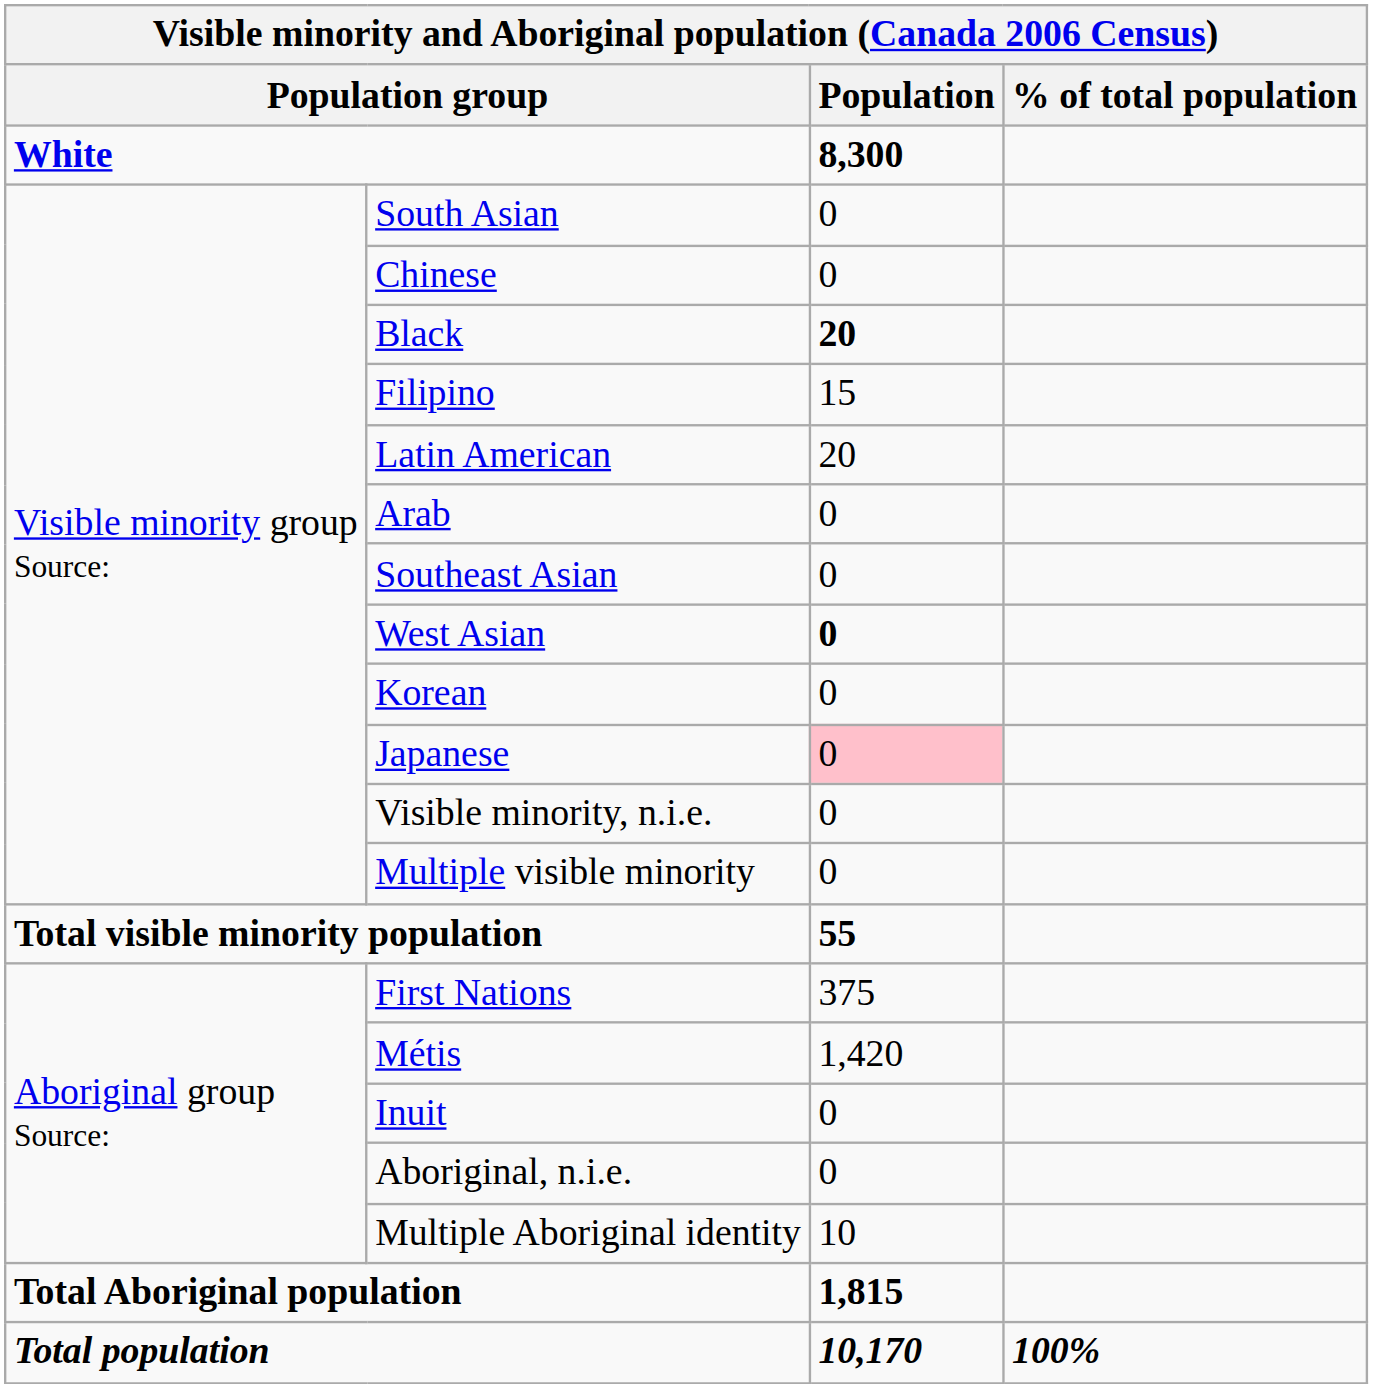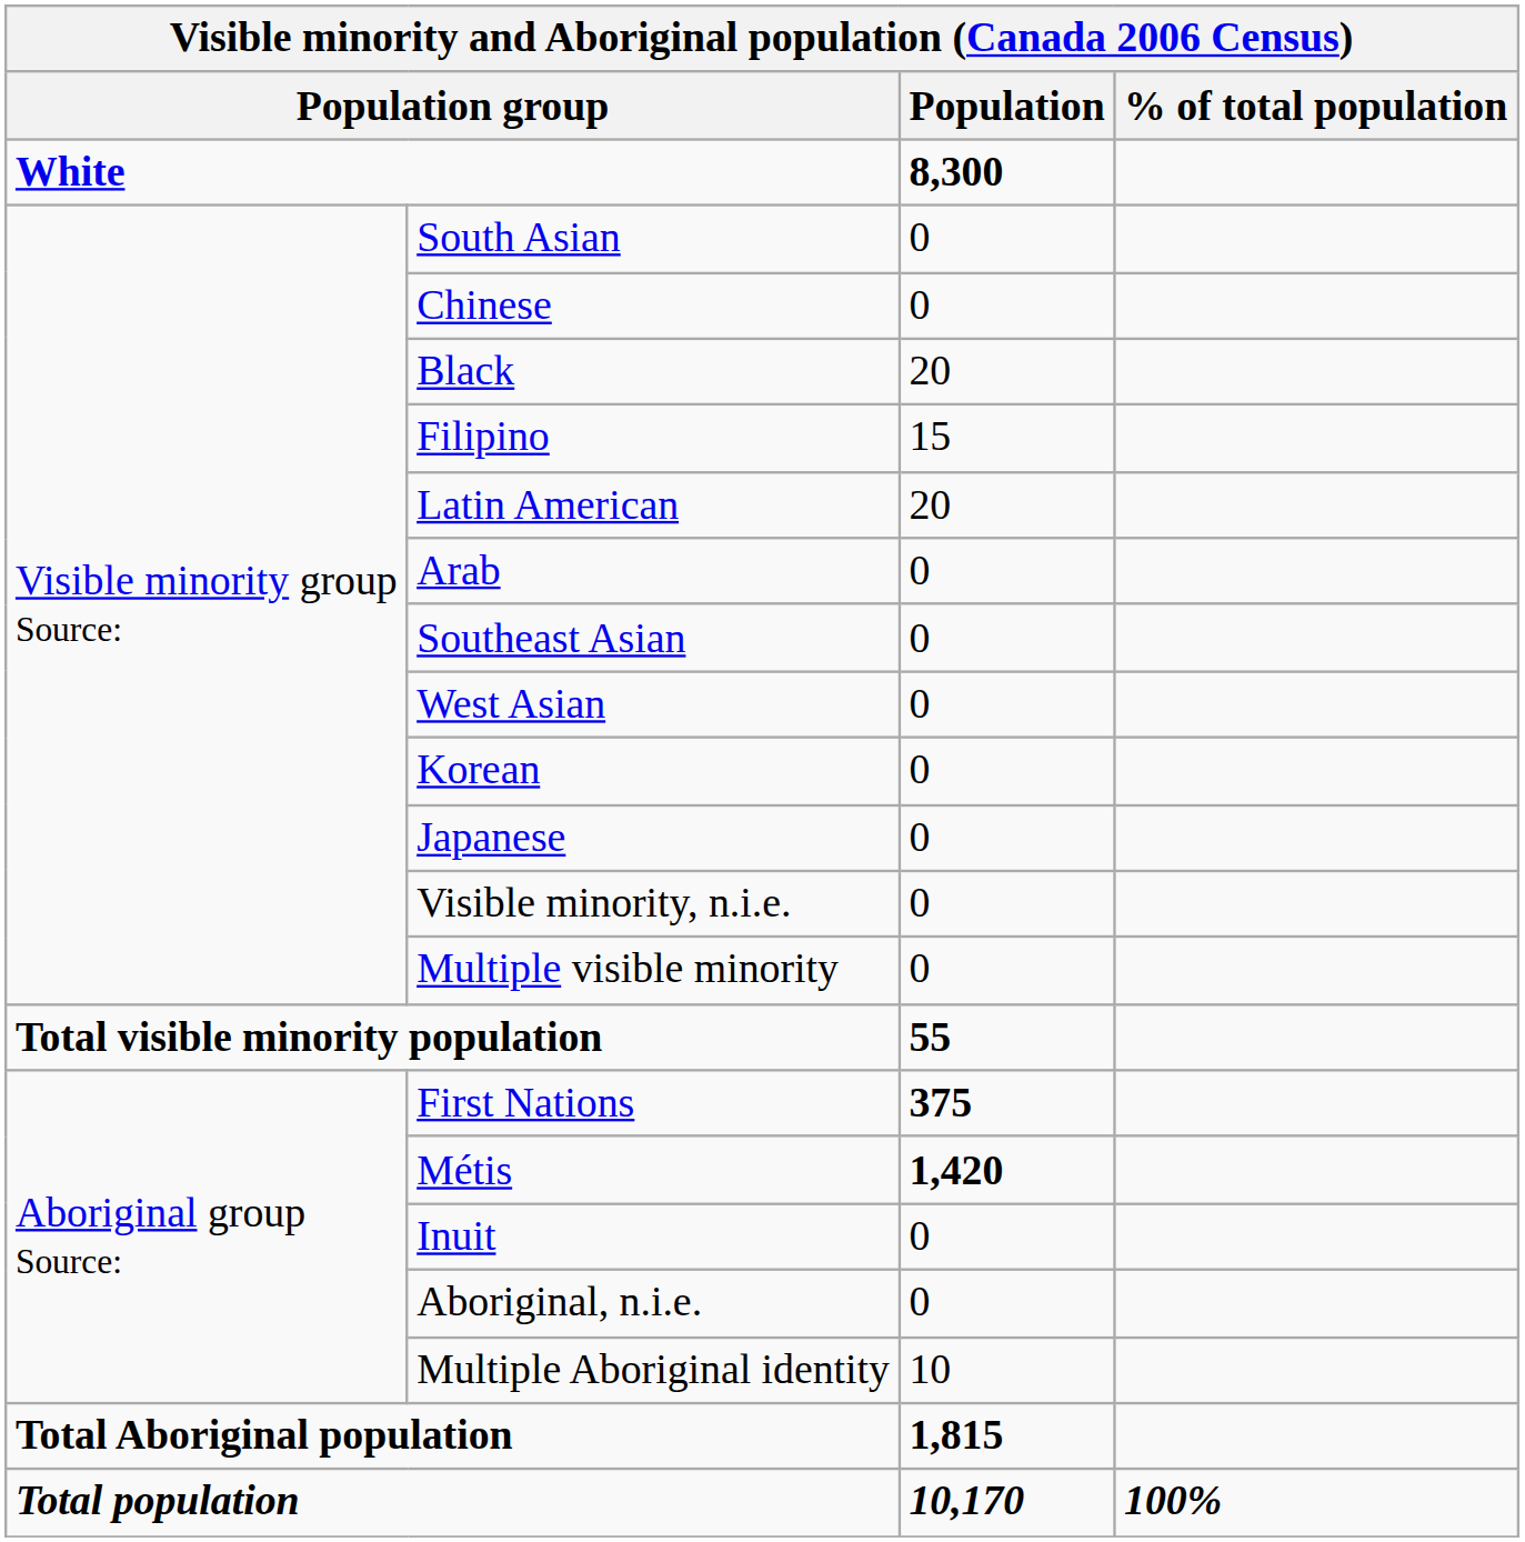 <table class="wikitable">
 <tr>
 <th colspan=4>Visible minority and Aboriginal population (<a href='#'>Canada 2006 Census</a>)</th>
 </tr>
 <tr>
 <th colspan=2>Population group</th>
 <th>Population</th>
 <th>% of total population</th>
 </tr>
 <tr>
 <td colspan=2><strong><a href='#'>White</a></strong></td>
 <td><strong>8,300</strong></td>
 <td><strong></strong></td>
 </tr>
 <tr>
 <td rowspan=12><a href='#'>Visible minority</a> group<br><small>Source:</small></td>
 <td><a href='#'>South Asian</a></td>
 <td>0</td>
 <td></td>
 </tr>
 <tr>
 <td><a href='#'>Chinese</a></td>
 <td>0</td>
 <td></td>
 </tr>
 <tr>
 <td><a href='#'>Black</a></td>
-<td><strong>20</strong></td>
+<td>20</td>
 <td></td>
 </tr>
 <tr>
 <td><a href='#'>Filipino</a></td>
 <td>15</td>
 <td></td>
 </tr>
 <tr>
 <td><a href='#'>Latin American</a></td>
 <td>20</td>
 <td></td>
 </tr>
 <tr>
 <td><a href='#'>Arab</a></td>
 <td>0</td>
 <td></td>
 </tr>
 <tr>
 <td><a href='#'>Southeast Asian</a></td>
 <td>0</td>
 <td></td>
 </tr>
 <tr>
 <td><a href='#'>West Asian</a></td>
-<td><strong>0</strong></td>
+<td>0</td>
 <td></td>
 </tr>
 <tr>
 <td><a href='#'>Korean</a></td>
 <td>0</td>
 <td></td>
 </tr>
 <tr>
 <td><a href='#'>Japanese</a></td>
-<td style="background: pink;">0</td>
+<td>0</td>
 <td></td>
 </tr>
 <tr>
 <td>Visible minority, n.i.e.</td>
 <td>0</td>
 <td></td>
 </tr>
 <tr>
 <td><a href='#'>Multiple</a> visible minority</td>
 <td>0</td>
 <td></td>
 </tr>
 <tr>
 <td colspan=2><strong>Total visible minority population</strong></td>
 <td><strong>55</strong></td>
 <td><strong></strong></td>
 </tr>
 <tr>
 <td rowspan=5><a href='#'>Aboriginal</a> group<br><small>Source:</small></td>
 <td><a href='#'>First Nations</a></td>
-<td>375</td>
+<td><strong>375</strong></td>
 <td></td>
 </tr>
 <tr>
 <td><a href='#'>Métis</a></td>
-<td>1,420</td>
+<td><strong>1,420</strong></td>
 <td></td>
 </tr>
 <tr>
 <td><a href='#'>Inuit</a></td>
 <td>0</td>
 <td></td>
 </tr>
 <tr>
 <td>Aboriginal, n.i.e.</td>
 <td>0</td>
 <td></td>
 </tr>
 <tr>
 <td>Multiple Aboriginal identity</td>
 <td>10</td>
 <td></td>
 </tr>
 <tr>
 <td colspan=2><strong>Total Aboriginal population</strong></td>
 <td><strong>1,815</strong></td>
 <td><strong></strong></td>
 </tr>
 <tr>
 <td colspan=2><strong><em>Total population</em></strong></td>
 <td><strong><em>10,170</em></strong></td>
 <td><strong><em>100%</em></strong></td>
 </tr>
 </table>
